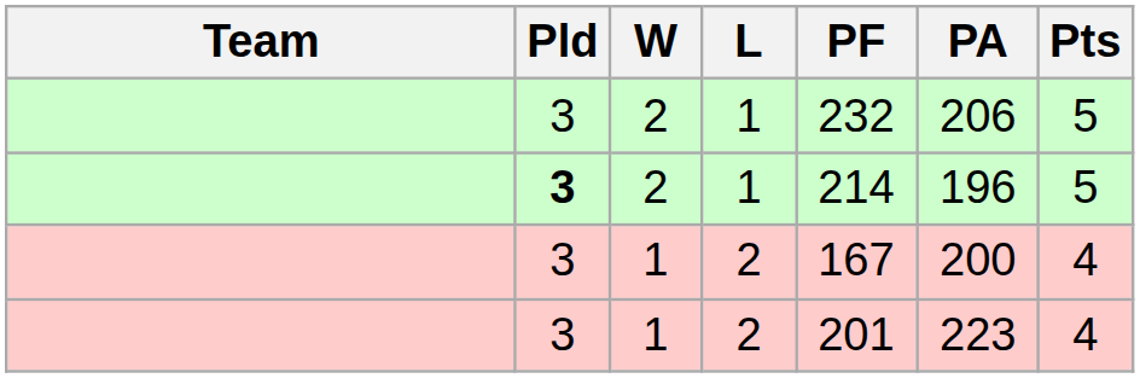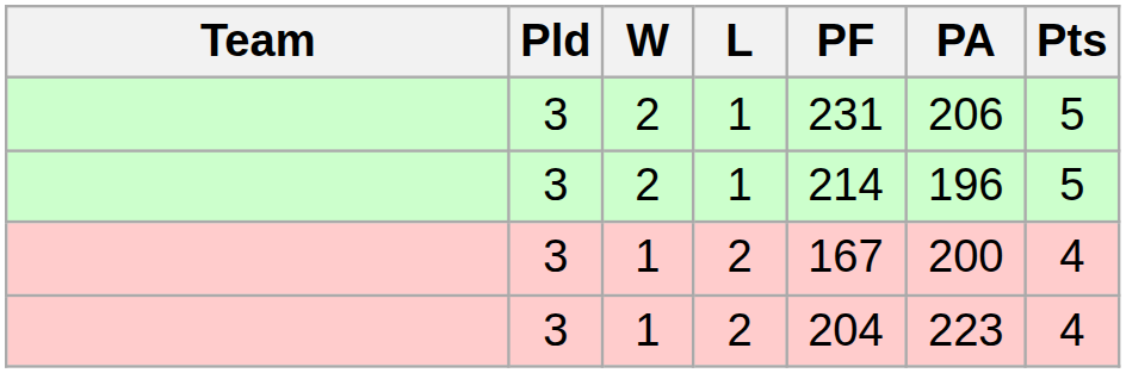 <table class="wikitable" style="text-align:center;">
 <tr>
 <th width=170>Team</th>
 <th width=25>Pld</th>
 <th width=25>W</th>
 <th width=25>L</th>
 <th width=35>PF</th>
 <th width=35>PA</th>
 <th width=25>Pts</th>
 </tr>
 <tr bgcolor=#ccffcc>
 <td align="left"></td>
 <td>3</td>
 <td>2</td>
 <td>1</td>
-<td>232</td>
+<td>231</td>
 <td>206</td>
 <td>5</td>
 </tr>
 <tr bgcolor=#ccffcc>
 <td align="left"></td>
-<td><strong>3</strong></td>
+<td>3</td>
 <td>2</td>
 <td>1</td>
 <td>214</td>
 <td>196</td>
 <td>5</td>
 </tr>
 <tr bgcolor=#ffcccc>
 <td align="left"></td>
 <td>3</td>
 <td>1</td>
 <td>2</td>
 <td>167</td>
 <td>200</td>
 <td>4</td>
 </tr>
 <tr bgcolor=#ffcccc>
 <td align="left"></td>
 <td>3</td>
 <td>1</td>
 <td>2</td>
-<td>201</td>
+<td>204</td>
 <td>223</td>
 <td>4</td>
 </tr>
 </table>
